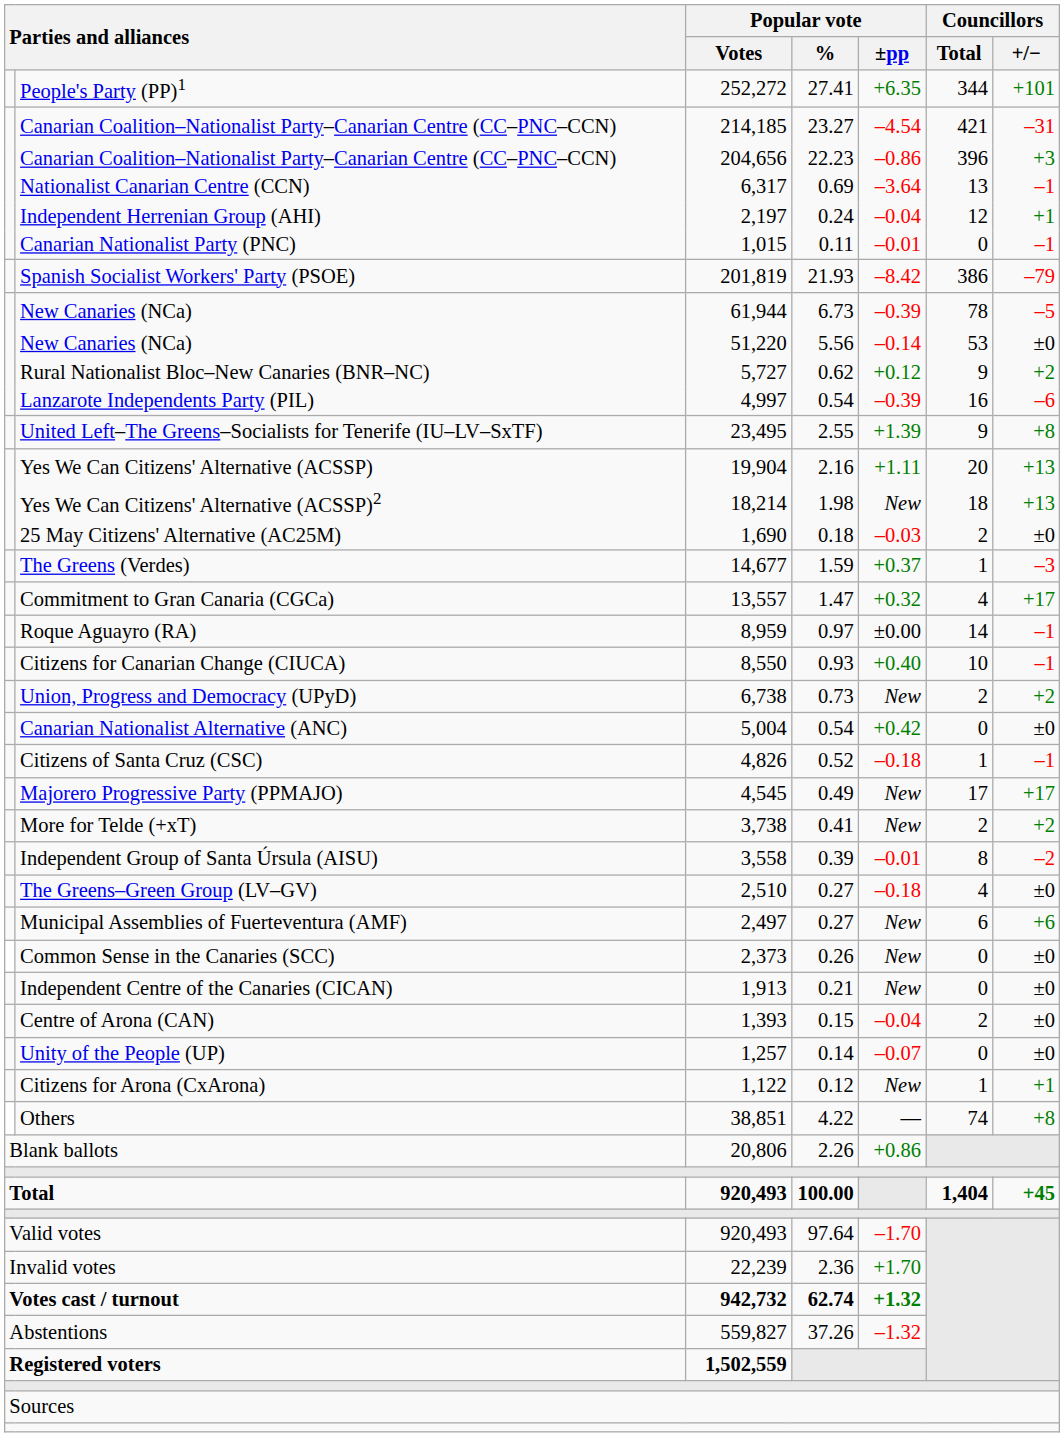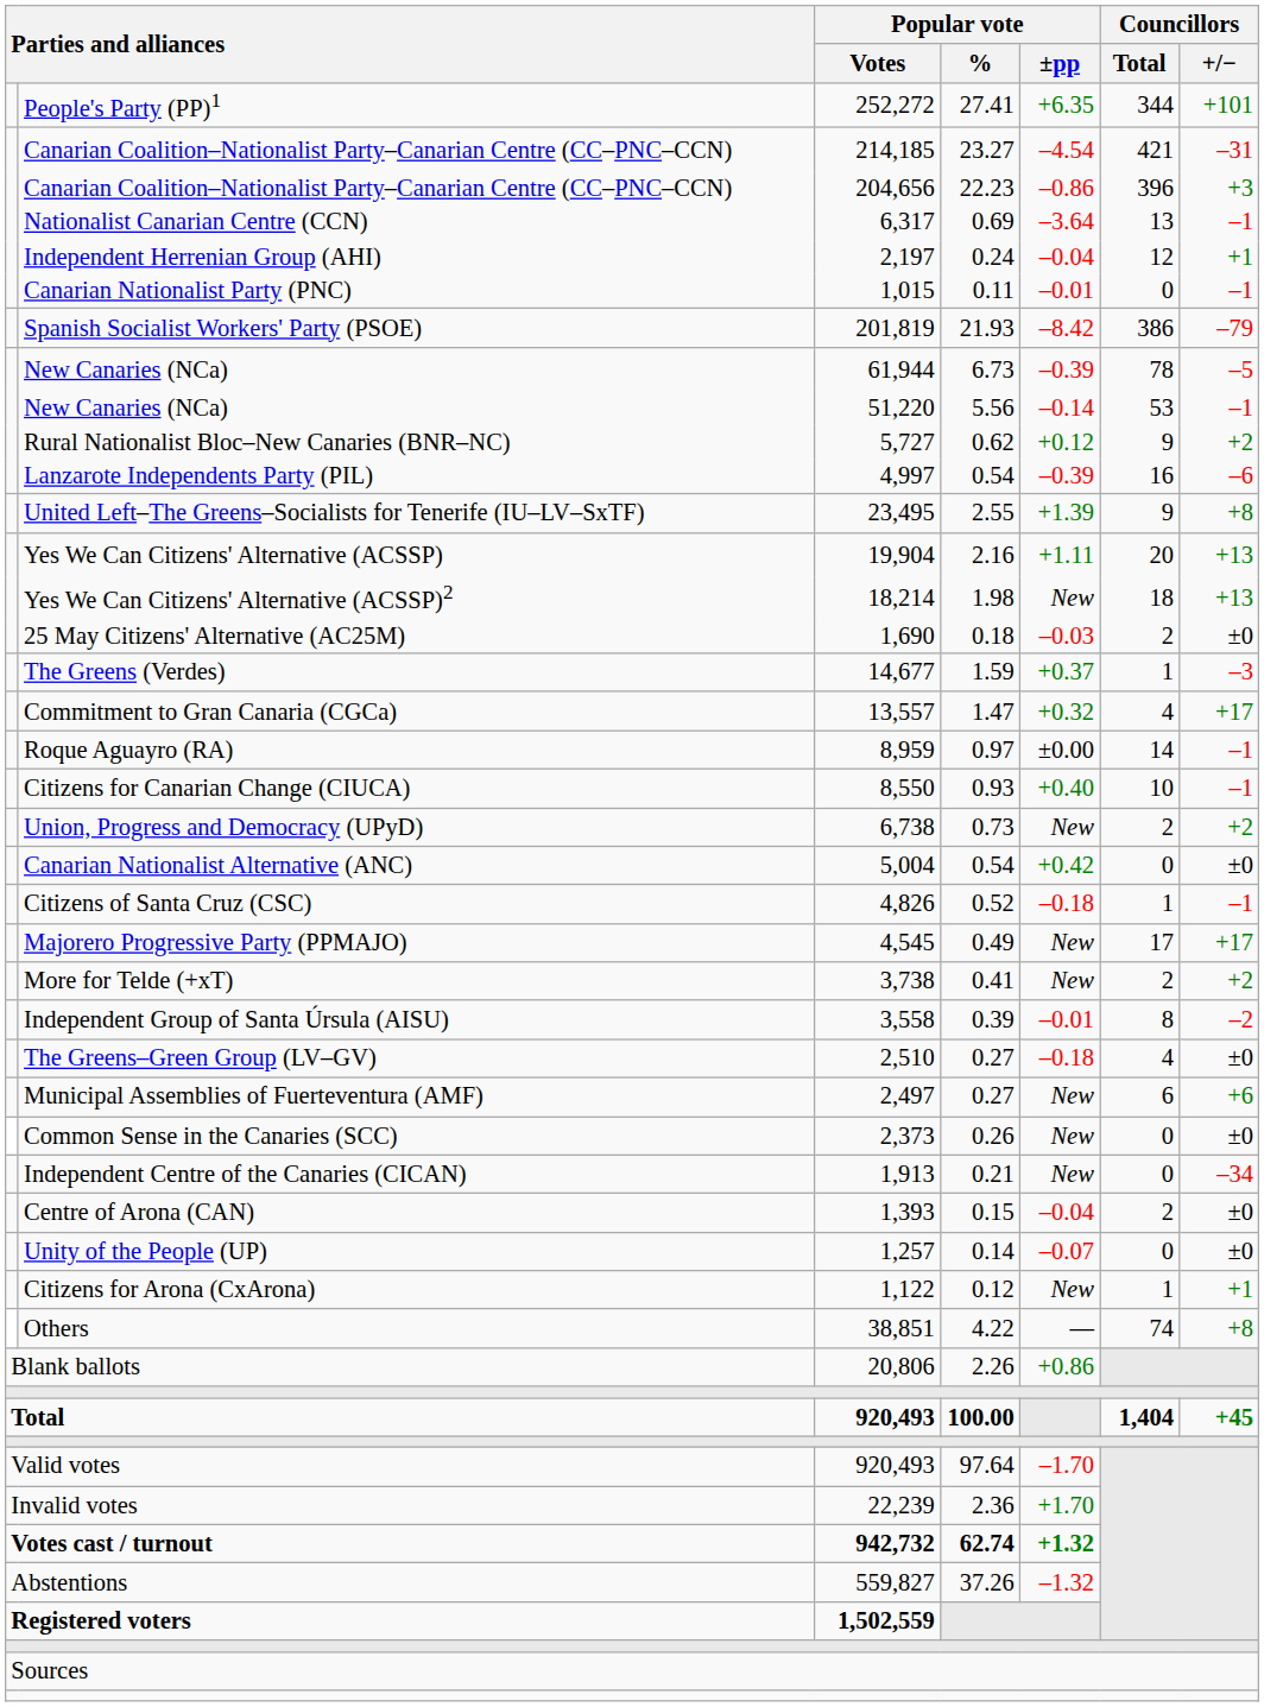 <table class="wikitable" style="text-align:right;">
 <tr>
 <th style="text-align:left;" rowspan="2" colspan="2" width="525">Parties and alliances</th>
 <th colspan="3">Popular vote</th>
 <th colspan="2">Councillors</th>
 </tr>
 <tr>
 <th width="75">Votes</th>
 <th width="45">%</th>
 <th width="45">±<a href='#'>pp</a></th>
 <th width="45">Total</th>
 <th width="45">+/−</th>
 </tr>
 <tr>
 <td width="1" style="color:inherit;background:"></td>
 <td align="left"><a href='#'>People's Party</a> (PP)<sup>1</sup></td>
 <td>252,272</td>
 <td>27.41</td>
 <td style="color:green;">+6.35</td>
 <td>344</td>
 <td style="color:green;">+101</td>
 </tr>
 <tr style="line-height:22px;">
 <td rowspan="5" style="color:inherit;background:"></td>
 <td align="left"><a href='#'>Canarian Coalition–Nationalist Party</a>–<a href='#'>Canarian Centre</a> (<a href='#'>CC</a>–<a href='#'>PNC</a>–CCN)</td>
 <td>214,185</td>
 <td>23.27</td>
 <td style="color:red;">–4.54</td>
 <td>421</td>
 <td style="color:red;">–31</td>
 </tr>
 <tr style="border-bottom-style:hidden; border-top-style:hidden; line-height:16px;">
 <td align="left"><span><a href='#'>Canarian Coalition–Nationalist Party</a>–<a href='#'>Canarian Centre</a> (<a href='#'>CC</a>–<a href='#'>PNC</a>–CCN)</span></td>
 <td>204,656</td>
 <td>22.23</td>
 <td style="color:red;">–0.86</td>
 <td>396</td>
 <td style="color:green;">+3</td>
 </tr>
 <tr style="border-bottom-style:hidden; line-height:16px;">
 <td align="left"><span><a href='#'>Nationalist Canarian Centre</a> (CCN)</span></td>
 <td>6,317</td>
 <td>0.69</td>
 <td style="color:red;">–3.64</td>
 <td>13</td>
 <td style="color:red;">–1</td>
 </tr>
 <tr style="border-bottom-style:hidden; line-height:16px;">
 <td align="left"><span><a href='#'>Independent Herrenian Group</a> (AHI)</span></td>
 <td>2,197</td>
 <td>0.24</td>
 <td style="color:red;">–0.04</td>
 <td>12</td>
 <td style="color:green;">+1</td>
 </tr>
 <tr style="line-height:16px;">
 <td align="left"><span><a href='#'>Canarian Nationalist Party</a> (PNC)</span></td>
 <td>1,015</td>
 <td>0.11</td>
 <td style="color:red;">–0.01</td>
 <td>0</td>
 <td style="color:red;">–1</td>
 </tr>
 <tr>
 <td style="color:inherit;background:"></td>
 <td align="left"><a href='#'>Spanish Socialist Workers' Party</a> (PSOE)</td>
 <td>201,819</td>
 <td>21.93</td>
 <td style="color:red;">–8.42</td>
 <td>386</td>
 <td style="color:red;">–79</td>
 </tr>
 <tr style="line-height:22px;">
 <td rowspan="4" style="color:inherit;background:"></td>
 <td align="left"><a href='#'>New Canaries</a> (NCa)</td>
 <td>61,944</td>
 <td>6.73</td>
 <td style="color:red;">–0.39</td>
 <td>78</td>
 <td style="color:red;">–5</td>
 </tr>
 <tr style="border-bottom-style:hidden; border-top-style:hidden; line-height:16px;">
 <td align="left"><span><a href='#'>New Canaries</a> (NCa)</span></td>
 <td>51,220</td>
 <td>5.56</td>
 <td style="color:red;">–0.14</td>
 <td>53</td>
-<td>±0</td>
+<td style="color:red;">–1</td>
 </tr>
 <tr style="border-bottom-style:hidden; line-height:16px;">
 <td align="left"><span>Rural Nationalist Bloc–New Canaries (BNR–NC)</span></td>
 <td>5,727</td>
 <td>0.62</td>
 <td style="color:green;">+0.12</td>
 <td>9</td>
 <td style="color:green;">+2</td>
 </tr>
 <tr style="line-height:16px;">
 <td align="left"><span><a href='#'>Lanzarote Independents Party</a> (PIL)</span></td>
 <td>4,997</td>
 <td>0.54</td>
 <td style="color:red;">–0.39</td>
 <td>16</td>
 <td style="color:red;">–6</td>
 </tr>
 <tr>
 <td style="color:inherit;background:"></td>
 <td align="left"><a href='#'>United Left</a>–<a href='#'>The Greens</a>–Socialists for Tenerife (IU–LV–SxTF)</td>
 <td>23,495</td>
 <td>2.55</td>
 <td style="color:green;">+1.39</td>
 <td>9</td>
 <td style="color:green;">+8</td>
 </tr>
 <tr style="line-height:22px;">
 <td rowspan="3" style="color:inherit;background:"></td>
 <td align="left">Yes We Can Citizens' Alternative (ACSSP)</td>
 <td>19,904</td>
 <td>2.16</td>
 <td style="color:green;">+1.11</td>
 <td>20</td>
 <td style="color:green;">+13</td>
 </tr>
 <tr style="border-bottom-style:hidden; border-top-style:hidden; line-height:16px;">
 <td align="left"><span>Yes We Can Citizens' Alternative (ACSSP)<sup>2</sup></span></td>
 <td>18,214</td>
 <td>1.98</td>
 <td><em>New</em></td>
 <td>18</td>
 <td style="color:green;">+13</td>
 </tr>
 <tr style="line-height:16px;">
 <td align="left"><span>25 May Citizens' Alternative (AC25M)</span></td>
 <td>1,690</td>
 <td>0.18</td>
 <td style="color:red;">–0.03</td>
 <td>2</td>
 <td>±0</td>
 </tr>
 <tr>
 <td style="color:inherit;background:"></td>
 <td align="left"><a href='#'>The Greens</a> (Verdes)</td>
 <td>14,677</td>
 <td>1.59</td>
 <td style="color:green;">+0.37</td>
 <td>1</td>
 <td style="color:red;">–3</td>
 </tr>
 <tr>
 <td style="color:inherit;background:"></td>
 <td align="left">Commitment to Gran Canaria (CGCa)</td>
 <td>13,557</td>
 <td>1.47</td>
 <td style="color:green;">+0.32</td>
 <td>4</td>
 <td style="color:green;">+17</td>
 </tr>
 <tr>
 <td style="color:inherit;background:"></td>
 <td align="left">Roque Aguayro (RA)</td>
 <td>8,959</td>
 <td>0.97</td>
 <td>±0.00</td>
 <td>14</td>
 <td style="color:red;">–1</td>
 </tr>
 <tr>
 <td style="color:inherit;background:"></td>
 <td align="left">Citizens for Canarian Change (CIUCA)</td>
 <td>8,550</td>
 <td>0.93</td>
 <td style="color:green;">+0.40</td>
 <td>10</td>
 <td style="color:red;">–1</td>
 </tr>
 <tr>
 <td style="color:inherit;background:"></td>
 <td align="left"><a href='#'>Union, Progress and Democracy</a> (UPyD)</td>
 <td>6,738</td>
 <td>0.73</td>
 <td><em>New</em></td>
 <td>2</td>
 <td style="color:green;">+2</td>
 </tr>
 <tr>
 <td style="color:inherit;background:"></td>
 <td align="left"><a href='#'>Canarian Nationalist Alternative</a> (ANC)</td>
 <td>5,004</td>
 <td>0.54</td>
 <td style="color:green;">+0.42</td>
 <td>0</td>
 <td>±0</td>
 </tr>
 <tr>
 <td style="color:inherit;background:"></td>
 <td align="left">Citizens of Santa Cruz (CSC)</td>
 <td>4,826</td>
 <td>0.52</td>
 <td style="color:red;">–0.18</td>
 <td>1</td>
 <td style="color:red;">–1</td>
 </tr>
 <tr>
 <td style="color:inherit;background:"></td>
 <td align="left"><a href='#'>Majorero Progressive Party</a> (PPMAJO)</td>
 <td>4,545</td>
 <td>0.49</td>
 <td><em>New</em></td>
 <td>17</td>
 <td style="color:green;">+17</td>
 </tr>
 <tr>
 <td style="color:inherit;background:"></td>
 <td align="left">More for Telde (+xT)</td>
 <td>3,738</td>
 <td>0.41</td>
 <td><em>New</em></td>
 <td>2</td>
 <td style="color:green;">+2</td>
 </tr>
 <tr>
 <td style="color:inherit;background:"></td>
 <td align="left">Independent Group of Santa Úrsula (AISU)</td>
 <td>3,558</td>
 <td>0.39</td>
 <td style="color:red;">–0.01</td>
 <td>8</td>
 <td style="color:red;">–2</td>
 </tr>
 <tr>
 <td style="color:inherit;background:"></td>
 <td align="left"><a href='#'>The Greens–Green Group</a> (LV–GV)</td>
 <td>2,510</td>
 <td>0.27</td>
 <td style="color:red;">–0.18</td>
 <td>4</td>
 <td>±0</td>
 </tr>
 <tr>
 <td style="color:inherit;background:"></td>
 <td align="left">Municipal Assemblies of Fuerteventura (AMF)</td>
 <td>2,497</td>
 <td>0.27</td>
 <td><em>New</em></td>
 <td>6</td>
 <td style="color:green;">+6</td>
 </tr>
 <tr>
 <td bgcolor="white"></td>
 <td align="left">Common Sense in the Canaries (SCC)</td>
 <td>2,373</td>
 <td>0.26</td>
 <td><em>New</em></td>
 <td>0</td>
 <td>±0</td>
 </tr>
 <tr>
 <td style="color:inherit;background:"></td>
 <td align="left">Independent Centre of the Canaries (CICAN)</td>
 <td>1,913</td>
 <td>0.21</td>
 <td><em>New</em></td>
 <td>0</td>
-<td>±0</td>
+<td style="color:red;">–34</td>
 </tr>
 <tr>
 <td style="color:inherit;background:"></td>
 <td align="left">Centre of Arona (CAN)</td>
 <td>1,393</td>
 <td>0.15</td>
 <td style="color:red;">–0.04</td>
 <td>2</td>
 <td>±0</td>
 </tr>
 <tr>
 <td style="color:inherit;background:"></td>
 <td align="left"><a href='#'>Unity of the People</a> (UP)</td>
 <td>1,257</td>
 <td>0.14</td>
 <td style="color:red;">–0.07</td>
 <td>0</td>
 <td>±0</td>
 </tr>
 <tr>
 <td style="color:inherit;background:"></td>
 <td align="left">Citizens for Arona (CxArona)</td>
 <td>1,122</td>
 <td>0.12</td>
 <td><em>New</em></td>
 <td>1</td>
 <td style="color:green;">+1</td>
 </tr>
 <tr>
 <td bgcolor="white"></td>
 <td align="left">Others</td>
 <td>38,851</td>
 <td>4.22</td>
 <td>—</td>
 <td>74</td>
 <td style="color:green;">+8</td>
 </tr>
 <tr>
 <td align="left" colspan="2">Blank ballots</td>
 <td>20,806</td>
 <td>2.26</td>
 <td style="color:green;">+0.86</td>
 <td bgcolor="#E9E9E9" colspan="2"></td>
 </tr>
 <tr>
 <td colspan="7" bgcolor="#E9E9E9"></td>
 </tr>
 <tr style="font-weight:bold;">
 <td align="left" colspan="2">Total</td>
 <td>920,493</td>
 <td>100.00</td>
 <td bgcolor="#E9E9E9"></td>
 <td>1,404</td>
 <td style="color:green;">+45</td>
 </tr>
 <tr>
 <td colspan="7" bgcolor="#E9E9E9"></td>
 </tr>
 <tr>
 <td align="left" colspan="2">Valid votes</td>
 <td>920,493</td>
 <td>97.64</td>
 <td style="color:red;">–1.70</td>
 <td bgcolor="#E9E9E9" colspan="2" rowspan="5"></td>
 </tr>
 <tr>
 <td align="left" colspan="2">Invalid votes</td>
 <td>22,239</td>
 <td>2.36</td>
 <td style="color:green;">+1.70</td>
 </tr>
 <tr style="font-weight:bold;">
 <td align="left" colspan="2">Votes cast / turnout</td>
 <td>942,732</td>
 <td>62.74</td>
 <td style="color:green;">+1.32</td>
 </tr>
 <tr>
 <td align="left" colspan="2">Abstentions</td>
 <td>559,827</td>
 <td>37.26</td>
 <td style="color:red;">–1.32</td>
 </tr>
 <tr style="font-weight:bold;">
 <td align="left" colspan="2">Registered voters</td>
 <td>1,502,559</td>
 <td bgcolor="#E9E9E9" colspan="2"></td>
 </tr>
 <tr>
 <td colspan="7" bgcolor="#E9E9E9"></td>
 </tr>
 <tr>
 <td align="left" colspan="7">Sources</td>
 </tr>
 <tr>
 <td colspan="7" style="text-align:left; max-width:790px;"></td>
 </tr>
 </table>
